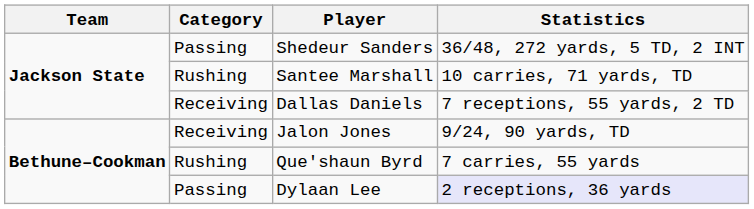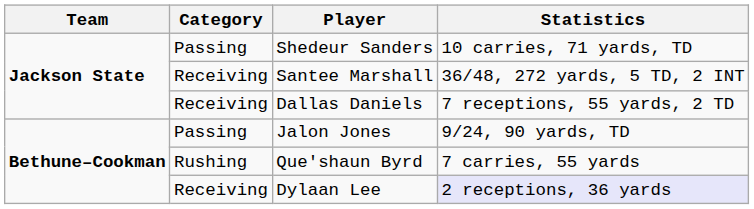 <table class="wikitable" style="float: left;">
 <tr>
 <th>Team</th>
 <th>Category</th>
 <th>Player</th>
 <th>Statistics</th>
 </tr>
 <tr>
 <td rowspan=3><strong>Jackson State</strong></td>
 <td>Passing</td>
 <td>Shedeur Sanders</td>
-<td>36/48, 272 yards, 5 TD, 2 INT</td>
+<td>10 carries, 71 yards, TD</td>
 </tr>
 <tr>
-<td>Rushing</td>
+<td>Receiving</td>
 <td>Santee Marshall</td>
-<td>10 carries, 71 yards, TD</td>
+<td>36/48, 272 yards, 5 TD, 2 INT</td>
 </tr>
 <tr>
 <td>Receiving</td>
 <td>Dallas Daniels</td>
 <td>7 receptions, 55 yards, 2 TD</td>
 </tr>
 <tr>
 <td rowspan=3><strong>Bethune–Cookman</strong></td>
-<td>Receiving</td>
+<td>Passing</td>
 <td>Jalon Jones</td>
 <td>9/24, 90 yards, TD</td>
 </tr>
 <tr>
 <td>Rushing</td>
 <td>Que'shaun Byrd</td>
 <td>7 carries, 55 yards</td>
 </tr>
 <tr>
-<td>Passing</td>
+<td>Receiving</td>
 <td>Dylaan Lee</td>
 <td style="background: lavender;">2 receptions, 36 yards</td>
 </tr>
 </table>
